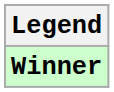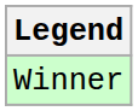 <table class="wikitable">
 <tr>
 <th>Legend</th>
 </tr>
 <tr bgcolor=ccffcc>
-<td><strong>Winner</strong></td>
+<td>Winner</td>
 </tr>
 </table>
